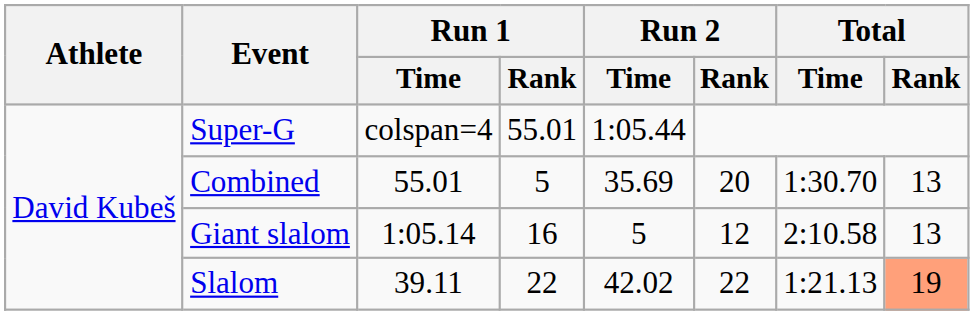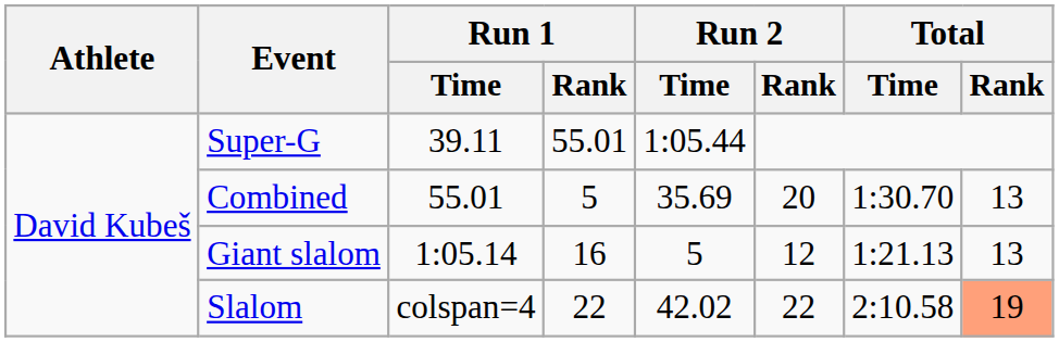 <table class="wikitable" style="font-size:90%">
 <tr>
 <th rowspan=2>Athlete</th>
 <th rowspan=2>Event</th>
 <th colspan=2>Run 1</th>
 <th colspan=2>Run 2</th>
 <th colspan=2>Total</th>
 </tr>
 <tr style="font-size:95%">
 <th>Time</th>
 <th>Rank</th>
 <th>Time</th>
 <th>Rank</th>
 <th>Time</th>
 <th>Rank</th>
 </tr>
 <tr align=center>
 <td align="left" rowspan="4"><a href='#'>David Kubeš</a></td>
 <td align="left"><a href='#'>Super-G</a></td>
-<td>colspan=4</td>
+<td>39.11</td>
 <td>55.01</td>
 <td>1:05.44</td>
 </tr>
 <tr align=center>
 <td align="left"><a href='#'>Combined</a></td>
 <td>55.01</td>
 <td>5</td>
 <td>35.69</td>
 <td>20</td>
 <td>1:30.70</td>
 <td>13</td>
 </tr>
 <tr align=center>
 <td align="left"><a href='#'>Giant slalom</a></td>
 <td>1:05.14</td>
 <td>16</td>
 <td>5</td>
 <td>12</td>
-<td>2:10.58</td>
+<td>1:21.13</td>
 <td>13</td>
 </tr>
 <tr align=center>
 <td align="left"><a href='#'>Slalom</a></td>
-<td>39.11</td>
+<td>colspan=4</td>
 <td>22</td>
 <td>42.02</td>
 <td>22</td>
-<td>1:21.13</td>
+<td>2:10.58</td>
 <td style="background: lightsalmon;">19</td>
 </tr>
 </table>
